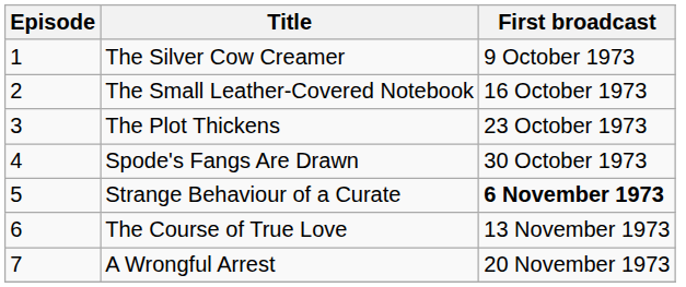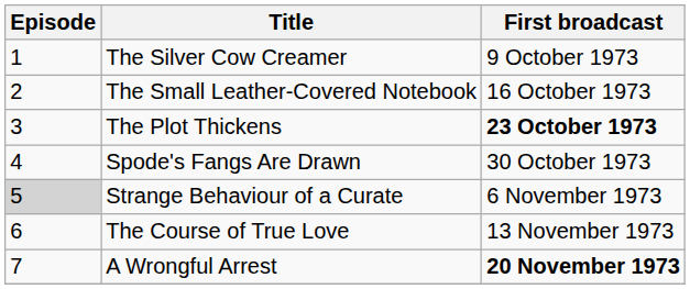 <table class="wikitable">
 <tr>
 <th>Episode</th>
 <th>Title</th>
 <th>First broadcast</th>
 </tr>
 <tr>
 <td>1</td>
 <td>The Silver Cow Creamer</td>
 <td>9 October 1973</td>
 </tr>
 <tr>
 <td>2</td>
 <td>The Small Leather-Covered Notebook</td>
 <td>16 October 1973</td>
 </tr>
 <tr>
 <td>3</td>
 <td>The Plot Thickens</td>
-<td>23 October 1973</td>
+<td><strong>23 October 1973</strong></td>
 </tr>
 <tr>
 <td>4</td>
 <td>Spode's Fangs Are Drawn</td>
 <td>30 October 1973</td>
 </tr>
 <tr>
-<td>5</td>
+<td style="background: lightgrey;">5</td>
 <td>Strange Behaviour of a Curate</td>
-<td><strong>6 November 1973</strong></td>
+<td>6 November 1973</td>
 </tr>
 <tr>
 <td>6</td>
 <td>The Course of True Love</td>
 <td>13 November 1973</td>
 </tr>
 <tr>
 <td>7</td>
 <td>A Wrongful Arrest</td>
-<td>20 November 1973</td>
+<td><strong>20 November 1973</strong></td>
 </tr>
 <tr>
 </tr>
 </table>
